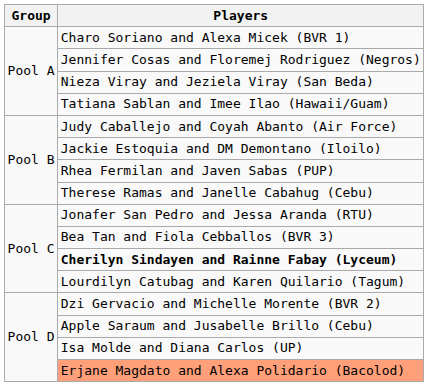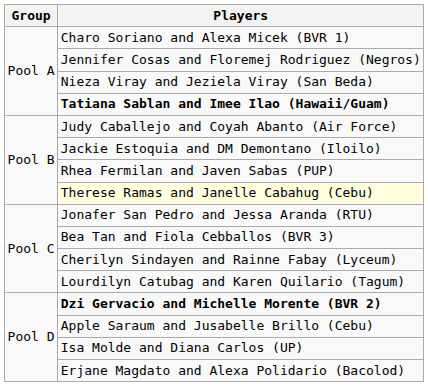 <table class="wikitable" style="text-align:left; line-height:16px; width:auto;">
 <tr>
 <th>Group</th>
 <th>Players</th>
 </tr>
 <tr>
 <td rowspan=4>Pool A</td>
 <td>Charo Soriano and Alexa Micek (BVR 1)</td>
 </tr>
 <tr>
 <td>Jennifer Cosas and Floremej Rodriguez (Negros)</td>
 </tr>
 <tr>
 <td>Nieza Viray and Jeziela Viray (San Beda)</td>
 </tr>
 <tr>
-<td>Tatiana Sablan and Imee Ilao (Hawaii/Guam)</td>
+<td><strong>Tatiana Sablan and Imee Ilao (Hawaii/Guam)</strong></td>
 </tr>
 <tr>
 <td rowspan=4>Pool B</td>
 <td>Judy Caballejo and Coyah Abanto (Air Force)</td>
 </tr>
 <tr>
 <td>Jackie Estoquia and DM Demontano (Iloilo)</td>
 </tr>
 <tr>
 <td>Rhea Fermilan and Javen Sabas (PUP)</td>
 </tr>
 <tr>
-<td>Therese Ramas and Janelle Cabahug (Cebu)</td>
+<td style="background: lightyellow;">Therese Ramas and Janelle Cabahug (Cebu)</td>
 </tr>
 <tr>
 <td rowspan=4>Pool C</td>
 <td>Jonafer San Pedro and Jessa Aranda (RTU)</td>
 </tr>
 <tr>
 <td>Bea Tan and Fiola Cebballos (BVR 3)</td>
 </tr>
 <tr>
-<td><strong>Cherilyn Sindayen and Rainne Fabay (Lyceum)</strong></td>
+<td>Cherilyn Sindayen and Rainne Fabay (Lyceum)</td>
 </tr>
 <tr>
 <td>Lourdilyn Catubag and Karen Quilario (Tagum)</td>
 </tr>
 <tr>
 <td rowspan=4>Pool D</td>
-<td>Dzi Gervacio and Michelle Morente (BVR 2)</td>
+<td><strong>Dzi Gervacio and Michelle Morente (BVR 2)</strong></td>
 </tr>
 <tr>
 <td>Apple Saraum and Jusabelle Brillo (Cebu)</td>
 </tr>
 <tr>
 <td>Isa Molde and Diana Carlos (UP)</td>
 </tr>
 <tr>
-<td style="background: lightsalmon;">Erjane Magdato and Alexa Polidario (Bacolod)</td>
+<td>Erjane Magdato and Alexa Polidario (Bacolod)</td>
 </tr>
 </table>
